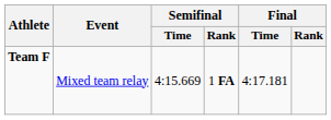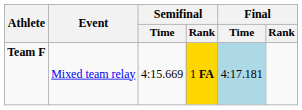 <table class="wikitable" style="font-size:90%">
 <tr>
 <th rowspan=2>Athlete</th>
 <th rowspan=2>Event</th>
 <th colspan=2>Semifinal</th>
 <th colspan=2>Final</th>
 </tr>
 <tr style="font-size:95%">
 <th>Time</th>
 <th>Rank</th>
 <th>Time</th>
 <th>Rank</th>
 </tr>
 <tr align=center>
 <td align=left><strong>Team F</strong><br><br><br><br></td>
 <td align=left><a href='#'>Mixed team relay</a></td>
 <td>4:15.669</td>
-<td>1 <strong>FA</strong></td>
-<td>4:17.181</td>
+<td style="background: gold;">1 <strong>FA</strong></td>
+<td style="background: lightblue;">4:17.181</td>
 <td></td>
 </tr>
 </table>
